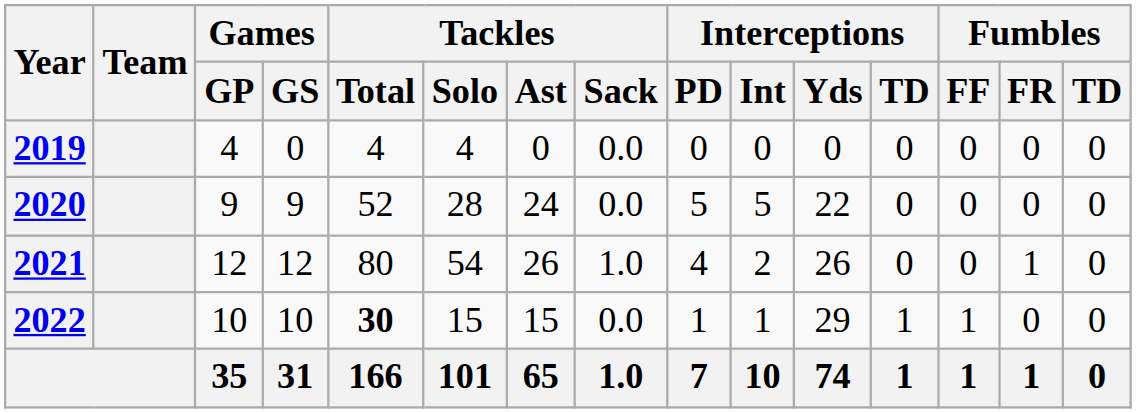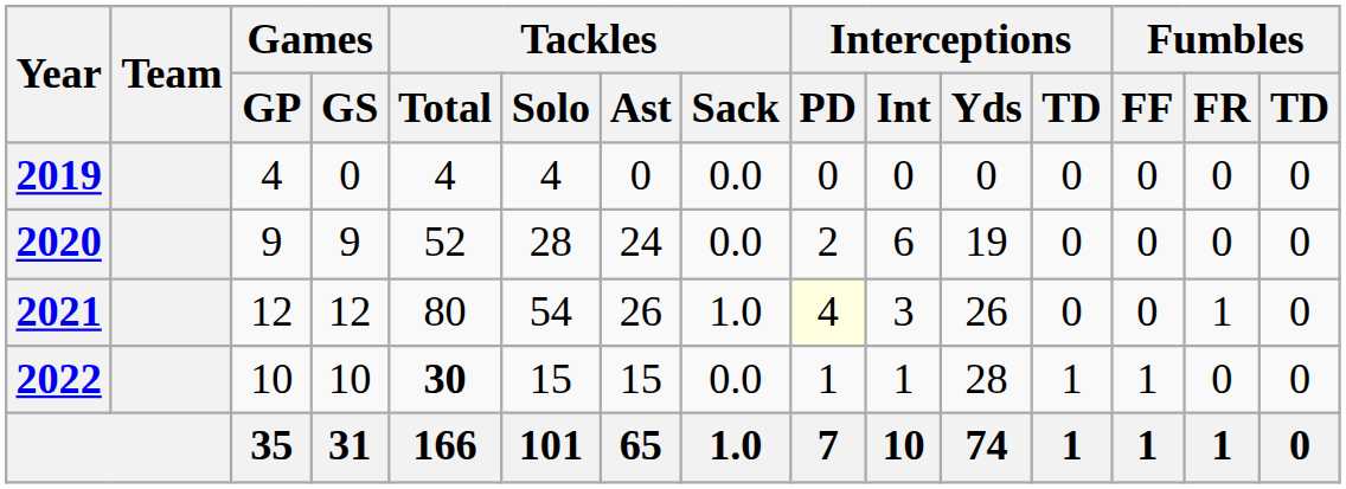 <table class="wikitable" style="text-align:center;">
 <tr>
 <th rowspan="2">Year</th>
 <th rowspan="2">Team</th>
 <th colspan="2">Games</th>
 <th colspan="4">Tackles</th>
 <th colspan="4">Interceptions</th>
 <th colspan="3">Fumbles</th>
 </tr>
 <tr>
 <th>GP</th>
 <th>GS</th>
 <th>Total</th>
 <th>Solo</th>
 <th>Ast</th>
 <th>Sack</th>
 <th>PD</th>
 <th>Int</th>
 <th>Yds</th>
 <th>TD</th>
 <th>FF</th>
 <th>FR</th>
 <th>TD</th>
 </tr>
 <tr>
 <th><a href='#'>2019</a></th>
 <th><a href='#'></a></th>
 <td>4</td>
 <td>0</td>
 <td>4</td>
 <td>4</td>
 <td>0</td>
 <td>0.0</td>
 <td>0</td>
 <td>0</td>
 <td>0</td>
 <td>0</td>
 <td>0</td>
 <td>0</td>
 <td>0</td>
 </tr>
 <tr>
 <th><a href='#'>2020</a></th>
 <th><a href='#'></a></th>
 <td>9</td>
 <td>9</td>
 <td>52</td>
 <td>28</td>
 <td>24</td>
 <td>0.0</td>
-<td>5</td>
-<td>5</td>
-<td>22</td>
+<td>2</td>
+<td>6</td>
+<td>19</td>
 <td>0</td>
 <td>0</td>
 <td>0</td>
 <td>0</td>
 </tr>
 <tr>
 <th><a href='#'>2021</a></th>
 <th><a href='#'></a></th>
 <td>12</td>
 <td>12</td>
 <td>80</td>
 <td>54</td>
 <td>26</td>
 <td>1.0</td>
-<td>4</td>
-<td>2</td>
+<td style="background: lightyellow;">4</td>
+<td>3</td>
 <td>26</td>
 <td>0</td>
 <td>0</td>
 <td>1</td>
 <td>0</td>
 </tr>
 <tr>
 <th><a href='#'>2022</a></th>
 <th><a href='#'></a></th>
 <td>10</td>
 <td>10</td>
 <td><strong>30</strong></td>
 <td>15</td>
 <td>15</td>
 <td>0.0</td>
 <td>1</td>
 <td>1</td>
-<td>29</td>
+<td>28</td>
 <td>1</td>
 <td>1</td>
 <td>0</td>
 <td>0</td>
 </tr>
 <tr>
 <th align=center colspan="2"></th>
 <th>35</th>
 <th>31</th>
 <th>166</th>
 <th>101</th>
 <th>65</th>
 <th>1.0</th>
 <th>7</th>
 <th>10</th>
 <th>74</th>
 <th>1</th>
 <th>1</th>
 <th>1</th>
 <th>0</th>
 </tr>
 </table>
